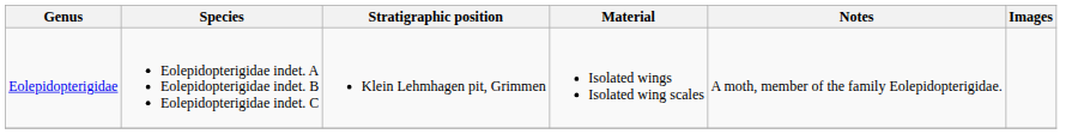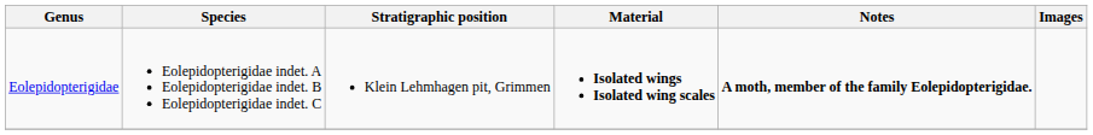 <table class = "wikitable">
 <tr>
 <th>Genus</th>
 <th>Species</th>
 <th>Stratigraphic position</th>
 <th>Material</th>
 <th>Notes</th>
 <th>Images</th>
 </tr>
 <tr>
 <td><br><a href='#'>Eolepidopterigidae</a></td>
 <td><br><ul><li>Eolepidopterigidae indet. A</li><li>Eolepidopterigidae indet. B</li><li>Eolepidopterigidae indet. C</li></ul></td>
 <td><br><ul><li>Klein Lehmhagen pit, Grimmen</li></ul></td>
-<td><br><ul><li>Isolated wings</li><li>Isolated wing scales</li></ul></td>
-<td><br>A moth, member of the family Eolepidopterigidae.</td>
+<td><strong><br><ul><li>Isolated wings</li><li>Isolated wing scales</li></ul></strong></td>
+<td><strong><br>A moth, member of the family Eolepidopterigidae.</strong></td>
 <td></td>
 </tr>
 <tr>
 </tr>
 </table>
